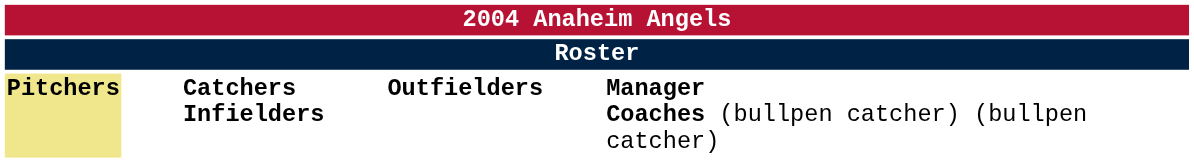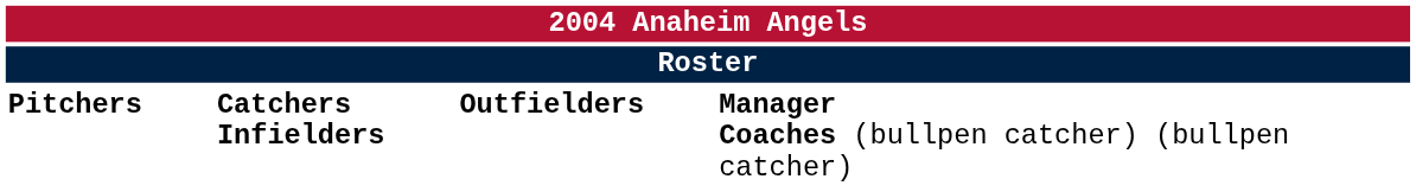 <table class="toccolours" style="font-size: 95%;">
 <tr>
 <th colspan="10" style="background-color: #B71234; color: white; text-align: center;">2004 Anaheim Angels</th>
 </tr>
 <tr>
 <td colspan="10" style="background-color:#002244; color: white; text-align: center;"><strong>Roster</strong></td>
 </tr>
 <tr>
-<td valign="top" style="background: khaki;"><strong>Pitchers</strong><br>               </td>
+<td valign="top"><strong>Pitchers</strong><br>               </td>
 <td width="25px"></td>
 <td valign="top"><strong>Catchers</strong><br>   <strong>Infielders</strong>           </td>
 <td width="25px"></td>
 <td valign="top"><strong>Outfielders</strong><br>       </td>
 <td width="25px"></td>
 <td valign="top"><strong>Manager</strong><br> <strong>Coaches</strong>      (bullpen catcher)   (bullpen catcher)</td>
 </tr>
 </table>
